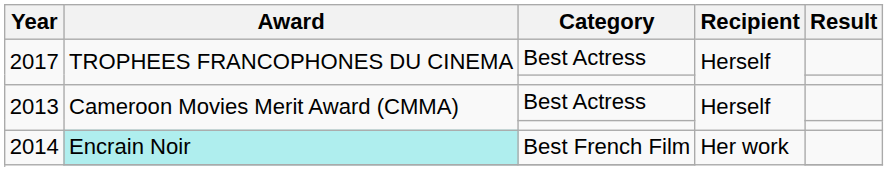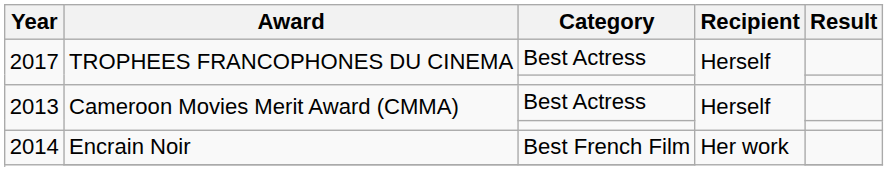 <table class="wikitable plainrowheaders sortable">
 <tr>
 <th>Year</th>
 <th>Award</th>
 <th>Category</th>
 <th>Recipient</th>
 <th>Result</th>
 </tr>
 <tr>
 <td rowspan=2>2017</td>
 <td rowspan=2>TROPHEES FRANCOPHONES DU CINEMA</td>
 <td>Best Actress</td>
 <td rowspan=2>Herself</td>
 <td></td>
 </tr>
 <tr>
 <td></td>
 </tr>
 <tr>
 <td rowspan=2>2013</td>
 <td rowspan=2>Cameroon Movies Merit Award (CMMA)</td>
 <td>Best Actress</td>
 <td rowspan=2>Herself</td>
 <td></td>
 </tr>
 <tr>
 <td></td>
 <td></td>
 </tr>
 <tr>
 <td rowspan="4">2014</td>
-<td style="background: paleturquoise;">Encrain Noir</td>
+<td>Encrain Noir</td>
 <td>Best French Film</td>
 <td rowspan=8>Her work</td>
 <td></td>
 </tr>
 <tr>
 </tr>
 </table>
